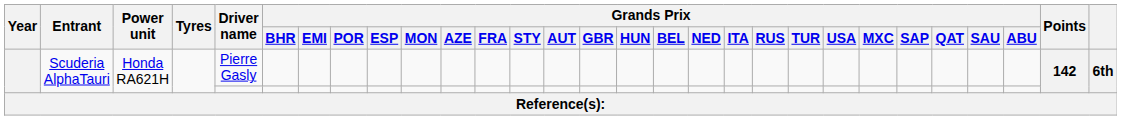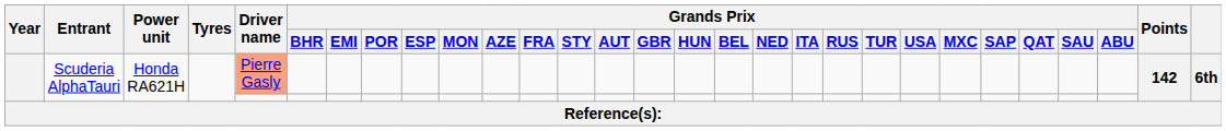 <table class="wikitable" style="text-align:center; font-size:90%">
 <tr>
 <th rowspan="2">Year</th>
 <th rowspan="2">Entrant</th>
 <th rowspan="2">Power unit</th>
 <th rowspan="2">Tyres</th>
 <th rowspan="2">Driver name</th>
 <th colspan="22">Grands Prix</th>
 <th rowspan="2">Points</th>
 <th rowspan="2"></th>
 </tr>
 <tr>
 <th><a href='#'>BHR</a></th>
 <th><a href='#'>EMI</a></th>
 <th><a href='#'>POR</a></th>
 <th><a href='#'>ESP</a></th>
 <th><a href='#'>MON</a></th>
 <th><a href='#'>AZE</a></th>
 <th><a href='#'>FRA</a></th>
 <th><a href='#'>STY</a></th>
 <th><a href='#'>AUT</a></th>
 <th><a href='#'>GBR</a></th>
 <th><a href='#'>HUN</a></th>
 <th><a href='#'>BEL</a></th>
 <th><a href='#'>NED</a></th>
 <th><a href='#'>ITA</a></th>
 <th><a href='#'>RUS</a></th>
 <th><a href='#'>TUR</a></th>
 <th><a href='#'>USA</a></th>
 <th><a href='#'>MXC</a></th>
 <th><a href='#'>SAP</a></th>
 <th><a href='#'>QAT</a></th>
 <th><a href='#'>SAU</a></th>
 <th><a href='#'>ABU</a></th>
 </tr>
 <tr>
 <th rowspan="2"></th>
 <td rowspan="2"><a href='#'>Scuderia AlphaTauri</a></td>
 <td rowspan="2"><a href='#'>Honda</a> RA621H</td>
 <td rowspan="2"></td>
-<td> <a href='#'>Pierre Gasly</a></td>
+<td style="background: lightsalmon;"> <a href='#'>Pierre Gasly</a></td>
 <td></td>
 <td></td>
 <td></td>
 <td></td>
 <td></td>
 <td></td>
 <td></td>
 <td></td>
 <td></td>
 <td></td>
 <td></td>
 <td></td>
 <td></td>
 <td></td>
 <td></td>
 <td></td>
 <td></td>
 <td></td>
 <td></td>
 <td></td>
 <td></td>
 <td></td>
 <th rowspan="2">142</th>
 <th rowspan="2">6th</th>
 </tr>
 <tr>
 <td></td>
 <td></td>
 <td></td>
 <td></td>
 <td></td>
 <td></td>
 <td></td>
 <td></td>
 <td></td>
 <td></td>
 <td></td>
 <td></td>
 <td></td>
 <td></td>
 <td></td>
 <td></td>
 <td></td>
 <td></td>
 <td></td>
 <td></td>
 <td></td>
 <td></td>
 <td></td>
 </tr>
 <tr>
 <th colspan="30">Reference(s):</th>
 </tr>
 </table>
